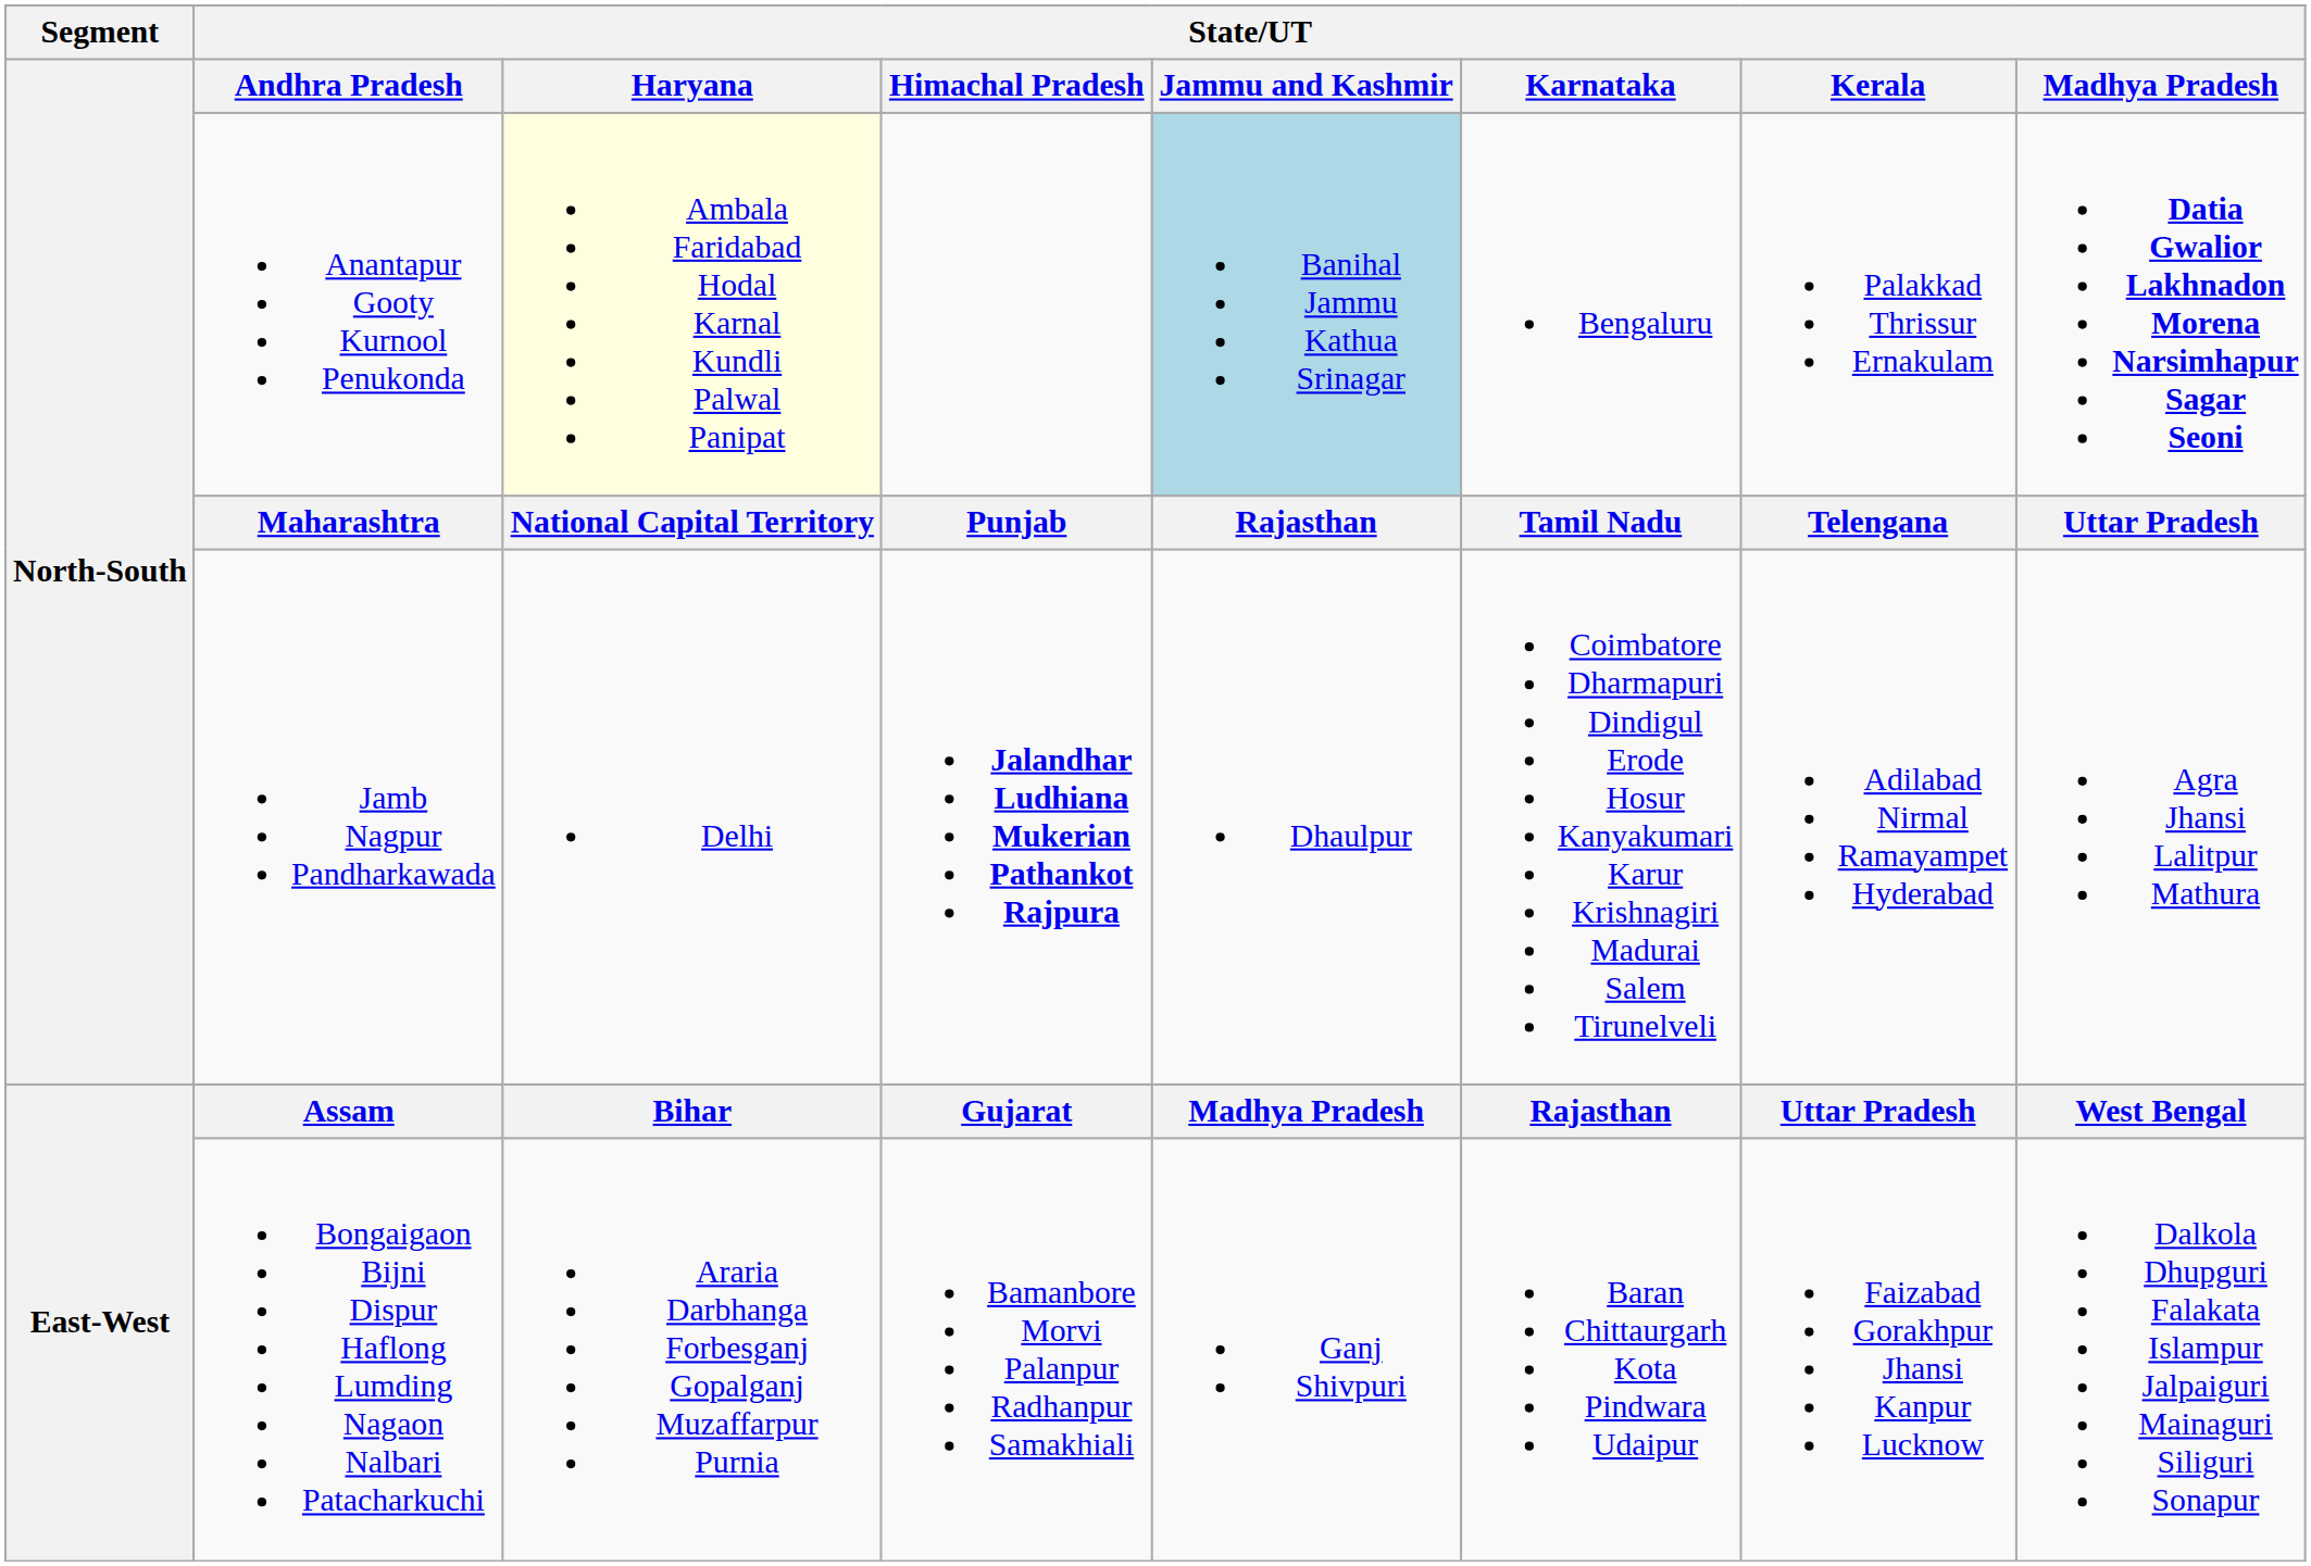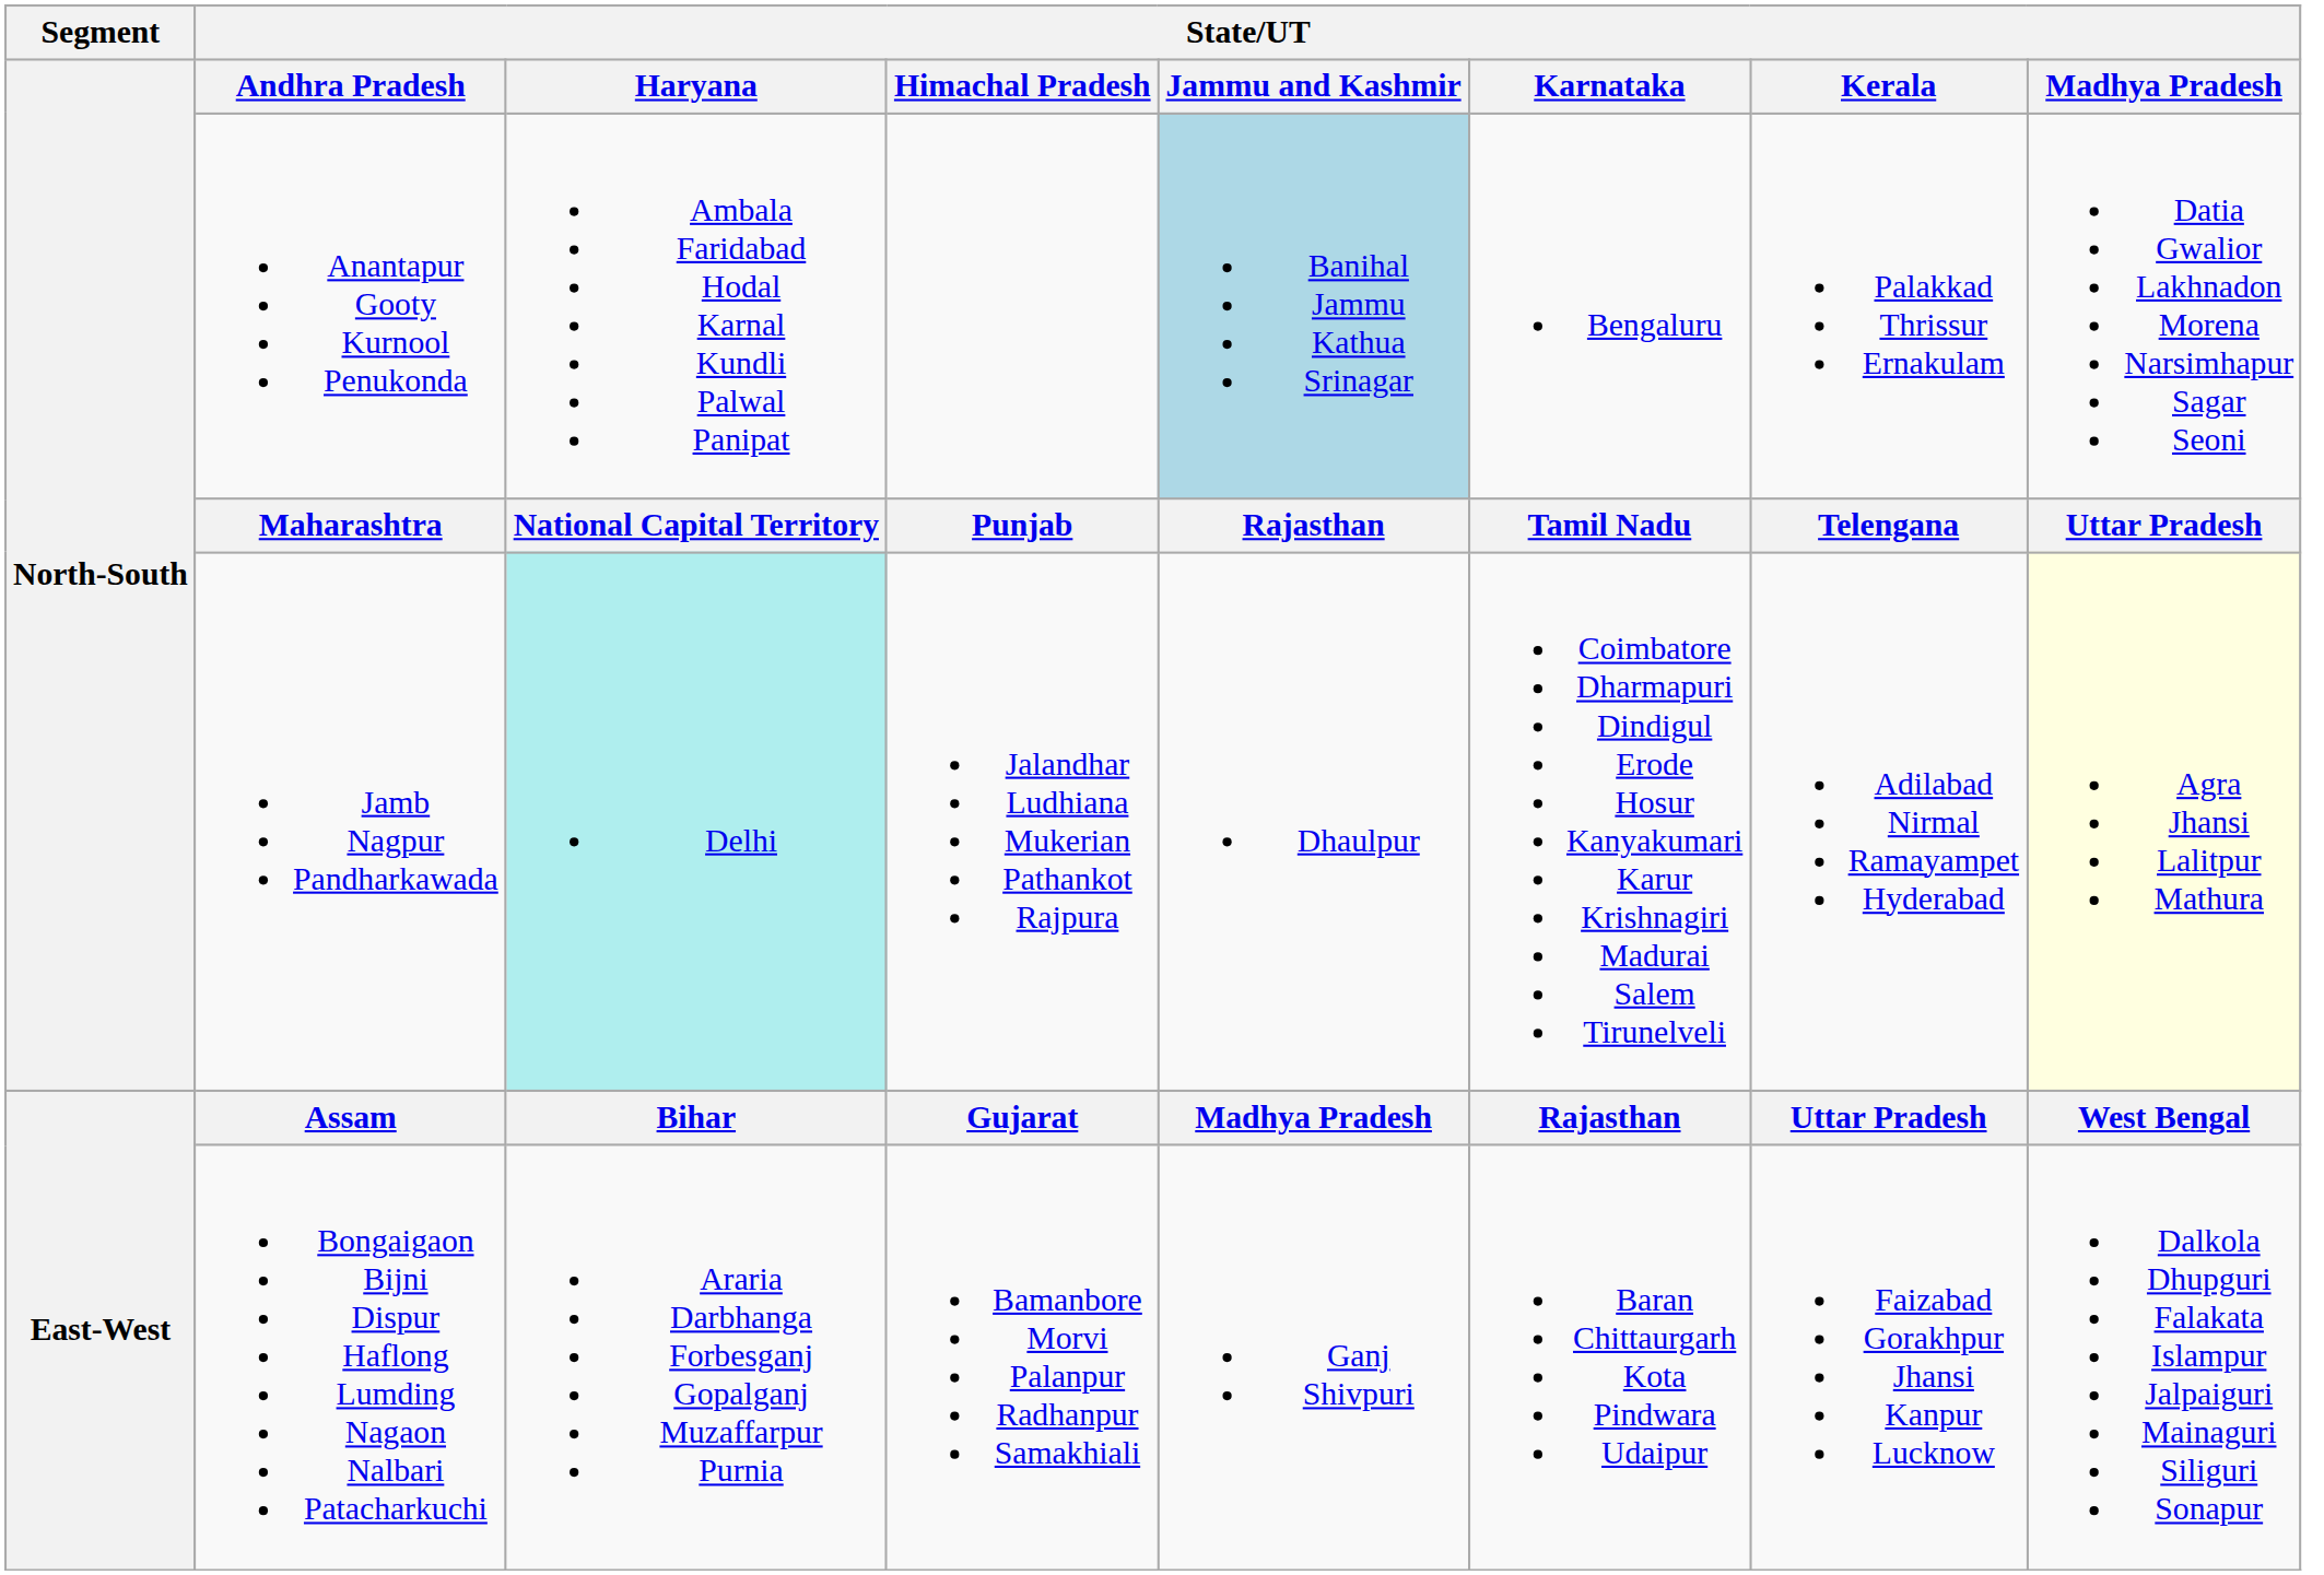 <table class="wikitable"style="font-size:90%; text-align:center;">
 <tr>
 <th>Segment</th>
 <th colspan="8">State/UT</th>
 </tr>
 <tr>
 <th rowspan="4">North-South</th>
 <th><a href='#'>Andhra Pradesh</a></th>
 <th><a href='#'>Haryana</a></th>
 <th><a href='#'>Himachal Pradesh</a></th>
 <th><a href='#'>Jammu and Kashmir</a></th>
 <th><a href='#'>Karnataka</a></th>
 <th><a href='#'>Kerala</a></th>
 <th><a href='#'>Madhya Pradesh</a></th>
 </tr>
 <tr>
 <td><br><ul><li><a href='#'>Anantapur</a></li><li><a href='#'>Gooty</a></li><li><a href='#'>Kurnool</a></li><li><a href='#'>Penukonda</a></li></ul></td>
-<td style="background: lightyellow;"><br><ul><li><a href='#'>Ambala</a></li><li><a href='#'>Faridabad</a></li><li><a href='#'>Hodal</a></li><li><a href='#'>Karnal</a></li><li><a href='#'>Kundli</a></li><li><a href='#'>Palwal</a></li><li><a href='#'>Panipat</a></li></ul></td>
+<td><br><ul><li><a href='#'>Ambala</a></li><li><a href='#'>Faridabad</a></li><li><a href='#'>Hodal</a></li><li><a href='#'>Karnal</a></li><li><a href='#'>Kundli</a></li><li><a href='#'>Palwal</a></li><li><a href='#'>Panipat</a></li></ul></td>
 <td></td>
 <td style="background: lightblue;"><br><ul><li><a href='#'>Banihal</a></li><li><a href='#'>Jammu</a></li><li><a href='#'>Kathua</a></li><li><a href='#'>Srinagar</a></li></ul></td>
 <td><br><ul><li><a href='#'>Bengaluru</a></li></ul></td>
 <td><br><ul><li><a href='#'>Palakkad</a></li><li><a href='#'>Thrissur</a></li><li><a href='#'>Ernakulam</a></li></ul></td>
-<td><strong><br><ul><li><a href='#'>Datia</a></li><li><a href='#'>Gwalior</a></li><li><a href='#'>Lakhnadon</a></li><li><a href='#'>Morena</a></li><li><a href='#'>Narsimhapur</a></li><li><a href='#'>Sagar</a></li><li><a href='#'>Seoni</a></li></ul></strong></td>
+<td><br><ul><li><a href='#'>Datia</a></li><li><a href='#'>Gwalior</a></li><li><a href='#'>Lakhnadon</a></li><li><a href='#'>Morena</a></li><li><a href='#'>Narsimhapur</a></li><li><a href='#'>Sagar</a></li><li><a href='#'>Seoni</a></li></ul></td>
 </tr>
 <tr>
 <th><a href='#'>Maharashtra</a></th>
 <th><a href='#'>National Capital Territory</a></th>
 <th><a href='#'>Punjab</a></th>
 <th><a href='#'>Rajasthan</a></th>
 <th><a href='#'>Tamil Nadu</a></th>
 <th><a href='#'>Telengana</a></th>
 <th><a href='#'>Uttar Pradesh</a></th>
 </tr>
 <tr>
 <td><br><ul><li><a href='#'>Jamb</a></li><li><a href='#'>Nagpur</a></li><li><a href='#'>Pandharkawada</a></li></ul></td>
-<td><br><ul><li><a href='#'>Delhi</a></li></ul></td>
-<td><strong><br><ul><li><a href='#'>Jalandhar</a></li><li><a href='#'>Ludhiana</a></li><li><a href='#'>Mukerian</a></li><li><a href='#'>Pathankot</a></li><li><a href='#'>Rajpura</a></li></ul></strong></td>
+<td style="background: paleturquoise;"><br><ul><li><a href='#'>Delhi</a></li></ul></td>
+<td><br><ul><li><a href='#'>Jalandhar</a></li><li><a href='#'>Ludhiana</a></li><li><a href='#'>Mukerian</a></li><li><a href='#'>Pathankot</a></li><li><a href='#'>Rajpura</a></li></ul></td>
 <td><br><ul><li><a href='#'>Dhaulpur</a></li></ul></td>
 <td><br><ul><li><a href='#'>Coimbatore</a></li><li><a href='#'>Dharmapuri</a></li><li><a href='#'>Dindigul</a></li><li><a href='#'>Erode</a></li><li><a href='#'>Hosur</a></li><li><a href='#'>Kanyakumari</a></li><li><a href='#'>Karur</a></li><li><a href='#'>Krishnagiri</a></li><li><a href='#'>Madurai</a></li><li><a href='#'>Salem</a></li><li><a href='#'>Tirunelveli</a></li></ul></td>
 <td><br><ul><li><a href='#'>Adilabad</a></li><li><a href='#'>Nirmal</a></li><li><a href='#'>Ramayampet</a></li><li><a href='#'>Hyderabad</a></li></ul></td>
-<td><br><ul><li><a href='#'>Agra</a></li><li><a href='#'>Jhansi</a></li><li><a href='#'>Lalitpur</a></li><li><a href='#'>Mathura</a></li></ul></td>
+<td style="background: lightyellow;"><br><ul><li><a href='#'>Agra</a></li><li><a href='#'>Jhansi</a></li><li><a href='#'>Lalitpur</a></li><li><a href='#'>Mathura</a></li></ul></td>
 </tr>
 <tr>
 <th rowspan="2">East-West</th>
 <th><a href='#'>Assam</a></th>
 <th><a href='#'>Bihar</a></th>
 <th><a href='#'>Gujarat</a></th>
 <th><a href='#'>Madhya Pradesh</a></th>
 <th><a href='#'>Rajasthan</a></th>
 <th><a href='#'>Uttar Pradesh</a></th>
 <th><a href='#'>West Bengal</a></th>
 </tr>
 <tr>
 <td><br><ul><li><a href='#'>Bongaigaon</a></li><li><a href='#'>Bijni</a></li><li><a href='#'>Dispur</a></li><li><a href='#'>Haflong</a></li><li><a href='#'>Lumding</a></li><li><a href='#'>Nagaon</a></li><li><a href='#'>Nalbari</a></li><li><a href='#'>Patacharkuchi</a></li></ul></td>
 <td><br><ul><li><a href='#'>Araria</a></li><li><a href='#'>Darbhanga</a></li><li><a href='#'>Forbesganj</a></li><li><a href='#'>Gopalganj</a></li><li><a href='#'>Muzaffarpur</a></li><li><a href='#'>Purnia</a></li></ul></td>
 <td><br><ul><li><a href='#'>Bamanbore</a></li><li><a href='#'>Morvi</a></li><li><a href='#'>Palanpur</a></li><li><a href='#'>Radhanpur</a></li><li><a href='#'>Samakhiali</a></li></ul></td>
 <td><br><ul><li><a href='#'>Ganj</a></li><li><a href='#'>Shivpuri</a></li></ul></td>
 <td><br><ul><li><a href='#'>Baran</a></li><li><a href='#'>Chittaurgarh</a></li><li><a href='#'>Kota</a></li><li><a href='#'>Pindwara</a></li><li><a href='#'>Udaipur</a></li></ul></td>
 <td><br><ul><li><a href='#'>Faizabad</a></li><li><a href='#'>Gorakhpur</a></li><li><a href='#'>Jhansi</a></li><li><a href='#'>Kanpur</a></li><li><a href='#'>Lucknow</a></li></ul></td>
 <td><br><ul><li><a href='#'>Dalkola</a></li><li><a href='#'>Dhupguri</a></li><li><a href='#'>Falakata</a></li><li><a href='#'>Islampur</a></li><li><a href='#'>Jalpaiguri</a></li><li><a href='#'>Mainaguri</a></li><li><a href='#'>Siliguri</a></li><li><a href='#'>Sonapur</a></li></ul></td>
 </tr>
 <tr>
 </tr>
 </table>
